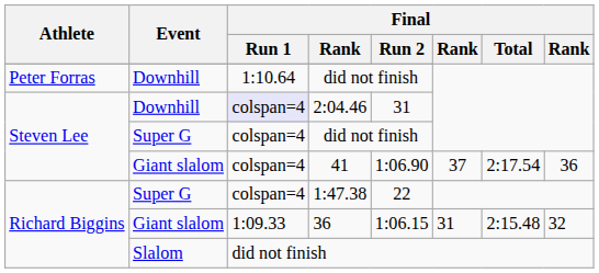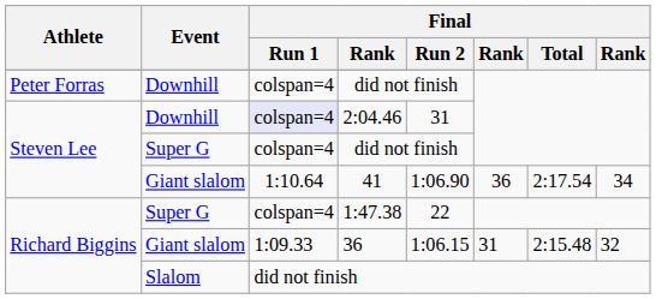 <table class="wikitable" style="font-size:90%">
 <tr>
 <th rowspan="2">Athlete</th>
 <th rowspan="2">Event</th>
 <th colspan="6">Final</th>
 </tr>
 <tr>
 <th>Run 1</th>
 <th>Rank</th>
 <th>Run 2</th>
 <th>Rank</th>
 <th>Total</th>
 <th>Rank</th>
 </tr>
 <tr>
 </tr>
 <tr align="center">
 <td align="left"><a href='#'>Peter Forras</a></td>
 <td align="left"><a href='#'>Downhill</a></td>
-<td>1:10.64</td>
+<td>colspan=4 </td>
 <td colspan=2>did not finish</td>
 </tr>
 <tr align="center">
 <td align="left" rowspan=3><a href='#'>Steven Lee</a></td>
 <td align="left"><a href='#'>Downhill</a></td>
 <td style="background: lavender;">colspan=4 </td>
 <td>2:04.46</td>
 <td>31</td>
 </tr>
 <tr align="center">
 <td align="left"><a href='#'>Super G</a></td>
 <td>colspan=4 </td>
 <td colspan=2>did not finish</td>
 </tr>
 <tr align="center">
 <td align="left"><a href='#'>Giant slalom</a></td>
-<td>colspan=4 </td>
+<td>1:10.64</td>
 <td>41</td>
 <td>1:06.90</td>
-<td>37</td>
+<td>36</td>
 <td>2:17.54</td>
-<td>36</td>
+<td>34</td>
 </tr>
 <tr align="center">
 <td align="left" rowspan=3><a href='#'>Richard Biggins</a></td>
 <td align="left"><a href='#'>Super G</a></td>
 <td>colspan=4 </td>
 <td>1:47.38</td>
 <td>22</td>
 </tr>
 <tr align"center">
 <td align="left"><a href='#'>Giant slalom</a></td>
 <td>1:09.33</td>
 <td>36</td>
 <td>1:06.15</td>
 <td>31</td>
 <td>2:15.48</td>
 <td>32</td>
 </tr>
 <tr align"center">
 <td align="left"><a href='#'>Slalom</a></td>
 <td colspan=6>did not finish</td>
 </tr>
 </table>
